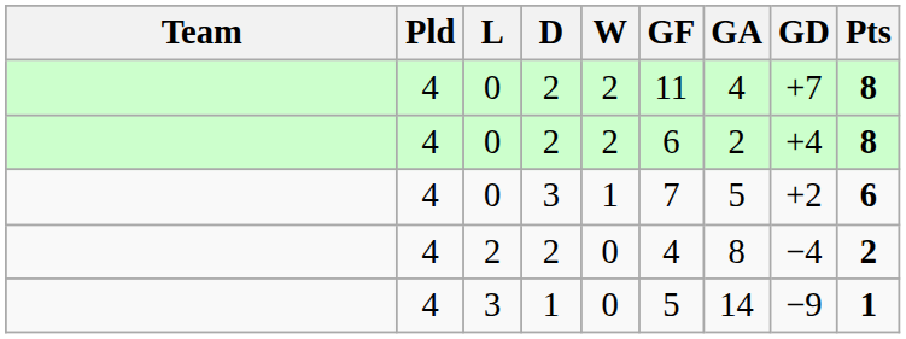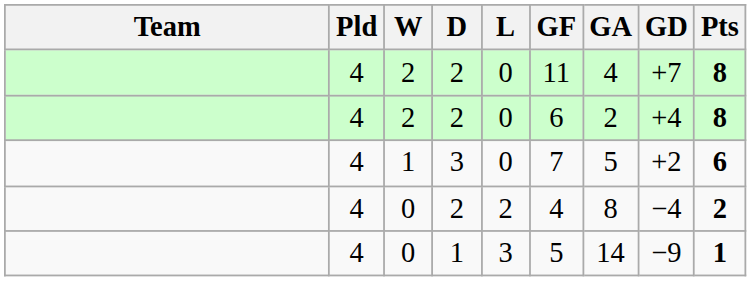 <table class="wikitable" style="text-align: center;">
 <tr>
 <th width=175>Team</th>
 <th width=20>Pld</th>
+<th width=20>W</th>
+<th width=20>D</th>
 <th width=20>L</th>
-<th width=20>D</th>
-<th width=20>W</th>
 <th width=20>GF</th>
 <th width=20>GA</th>
 <th width=20>GD</th>
 <th width=20>Pts</th>
 </tr>
 <tr bgcolor=#ccffcc>
 <td style="text-align:left;"></td>
 <td>4</td>
-<td>0</td>
 <td>2</td>
 <td>2</td>
+<td>0</td>
 <td>11</td>
 <td>4</td>
 <td>+7</td>
 <td><strong>8</strong></td>
 </tr>
 <tr bgcolor=#ccffcc>
 <td style="text-align:left;"></td>
 <td>4</td>
-<td>0</td>
 <td>2</td>
 <td>2</td>
+<td>0</td>
 <td>6</td>
 <td>2</td>
 <td>+4</td>
 <td><strong>8</strong></td>
 </tr>
 <tr>
 <td style="text-align:left;"></td>
 <td>4</td>
+<td>1</td>
+<td>3</td>
 <td>0</td>
-<td>3</td>
-<td>1</td>
 <td>7</td>
 <td>5</td>
 <td>+2</td>
 <td><strong>6</strong></td>
 </tr>
 <tr>
 <td style="text-align:left;"></td>
 <td>4</td>
+<td>0</td>
 <td>2</td>
 <td>2</td>
-<td>0</td>
 <td>4</td>
 <td>8</td>
 <td>−4</td>
 <td><strong>2</strong></td>
 </tr>
 <tr>
 <td style="text-align:left;"></td>
 <td>4</td>
+<td>0</td>
+<td>1</td>
 <td>3</td>
-<td>1</td>
-<td>0</td>
 <td>5</td>
 <td>14</td>
 <td>−9</td>
 <td><strong>1</strong></td>
 </tr>
 </table>
